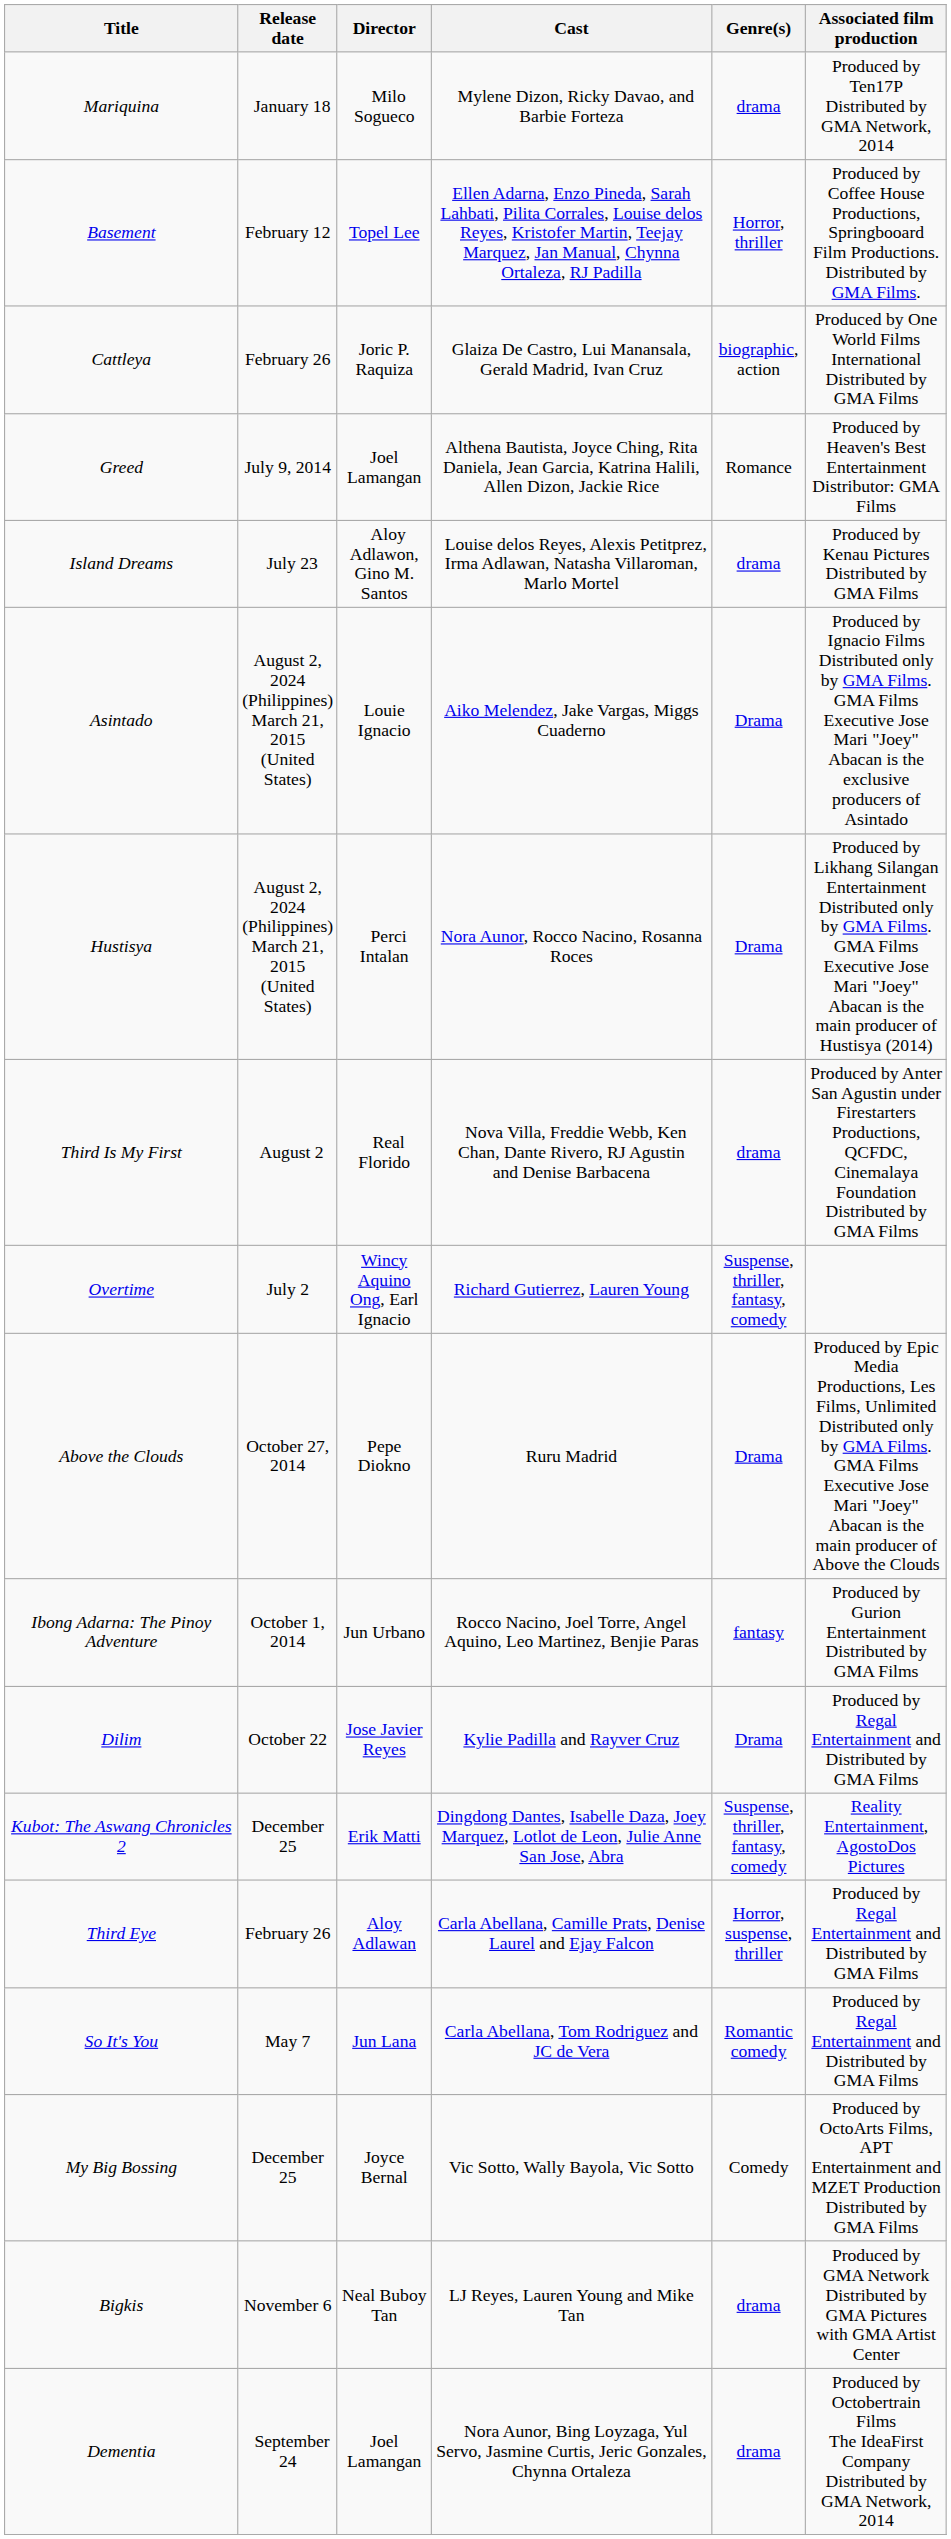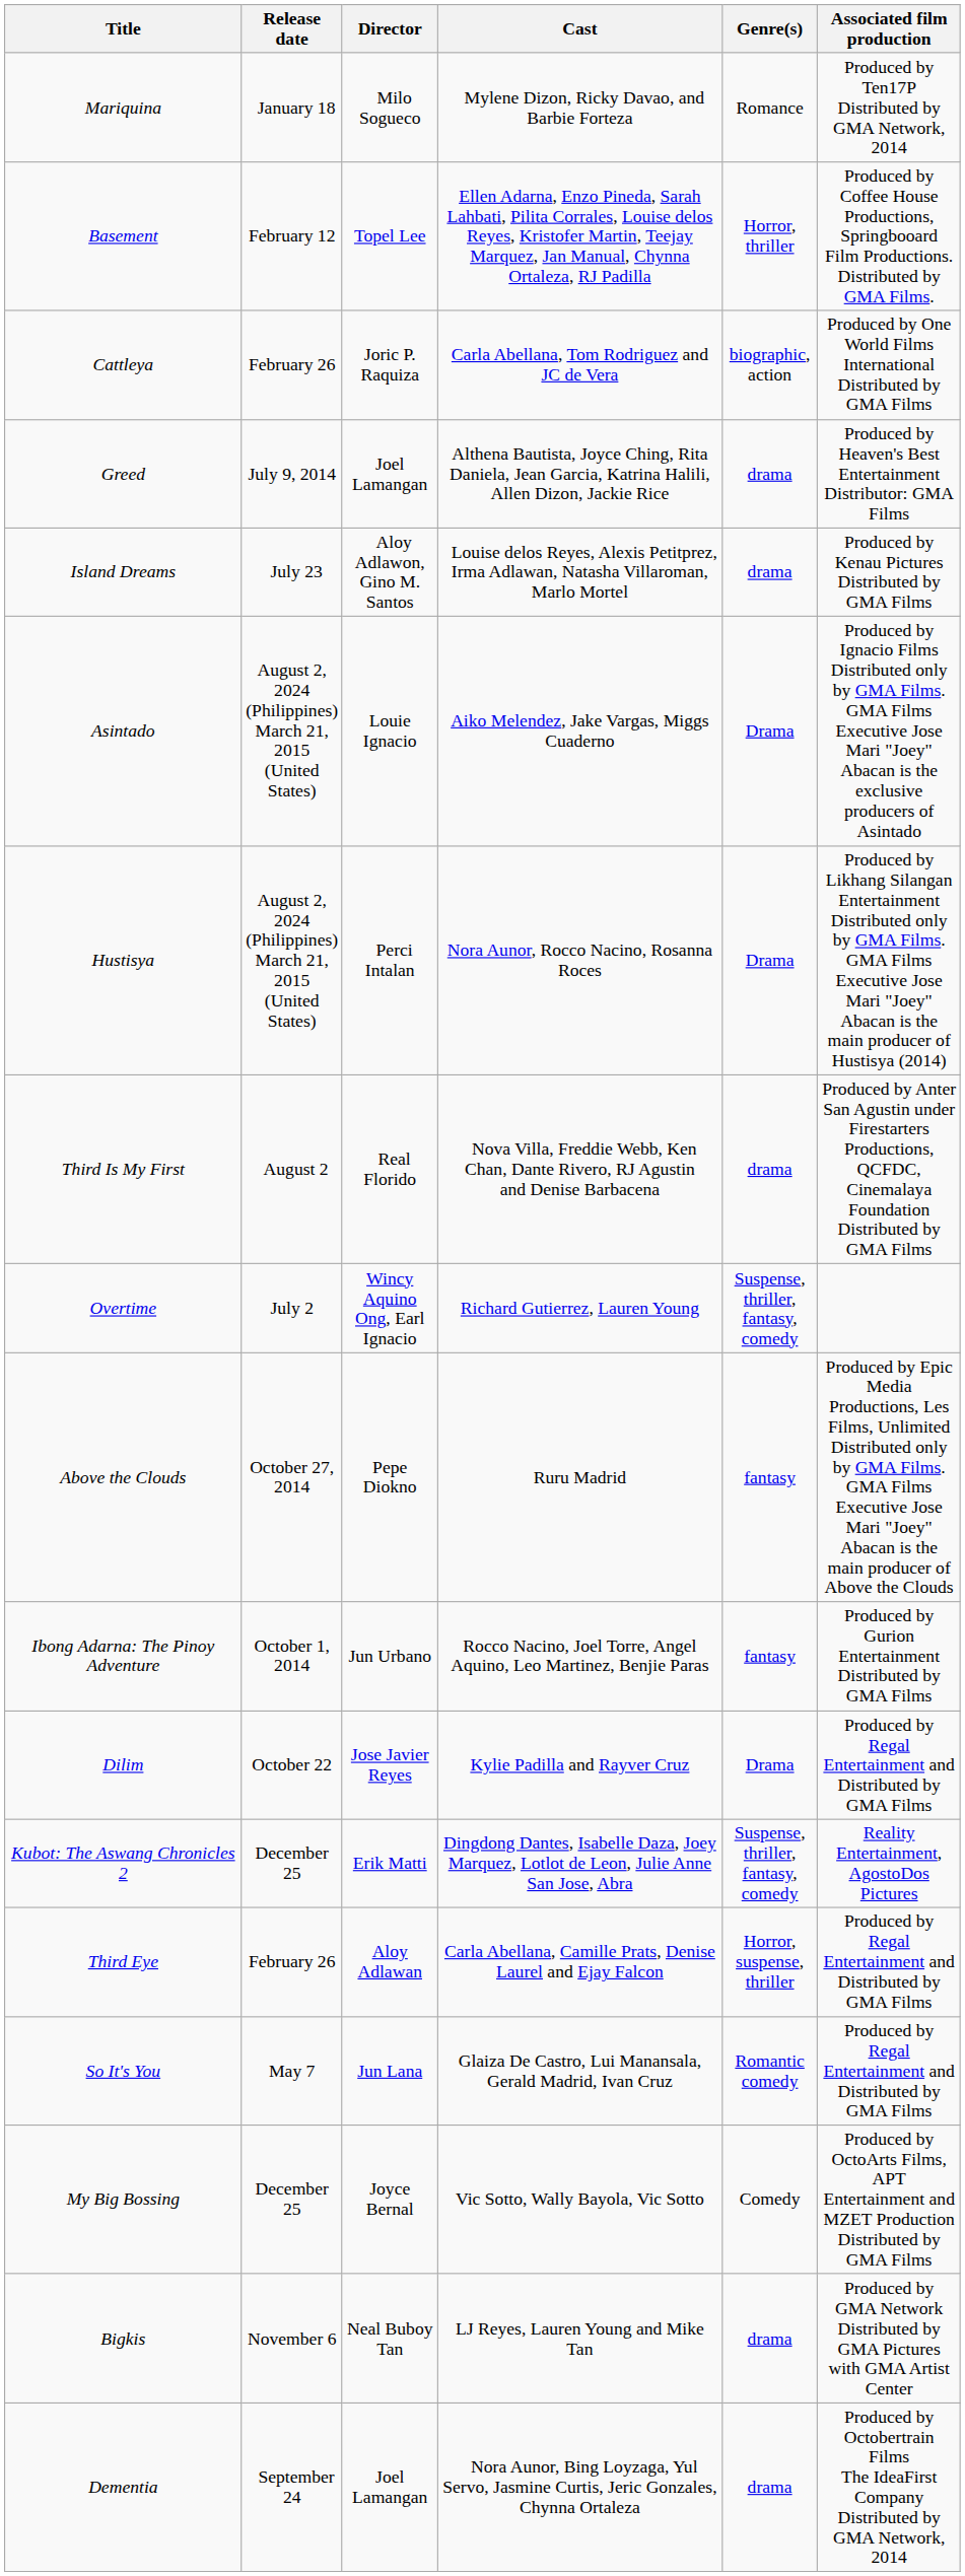 <table class="wikitable" "toccolours sortable" style="width:97%; text-align:center">
 <tr>
 <th style="width:25%;">Title</th>
 <th style="width:10%;">Release date</th>
 <th style="width:10%;">Director</th>
 <th style="width:30%;">Cast</th>
 <th style="width:10%;">Genre(s)</th>
 <th style="width:15%;">Associated film production</th>
 </tr>
 <tr>
 <td><em>Mariquina</em></td>
 <td>  January 18</td>
 <td>  Milo Sogueco</td>
 <td>  Mylene Dizon, Ricky Davao, and Barbie Forteza</td>
-<td><a href='#'>drama</a></td>
+<td>Romance</td>
 <td>Produced by Ten17P<br>Distributed by GMA Network, 2014 </td>
 </tr>
 <tr>
 <td><em><a href='#'>Basement</a></em></td>
 <td>February 12</td>
 <td><a href='#'>Topel Lee</a></td>
 <td><a href='#'>Ellen Adarna</a>, <a href='#'>Enzo Pineda</a>, <a href='#'>Sarah Lahbati</a>, <a href='#'>Pilita Corrales</a>, <a href='#'>Louise delos Reyes</a>, <a href='#'>Kristofer Martin</a>, <a href='#'>Teejay Marquez</a>, <a href='#'>Jan Manual</a>, <a href='#'>Chynna Ortaleza</a>, <a href='#'>RJ Padilla</a></td>
 <td><a href='#'>Horror</a>, <a href='#'>thriller</a></td>
 <td>Produced by Coffee House Productions, Springbooard Film Productions. Distributed by <a href='#'>GMA Films</a>.</td>
 </tr>
 <tr>
 <td><em>Cattleya</em></td>
 <td>February 26</td>
 <td>Joric P. Raquiza</td>
-<td>Glaiza De Castro, Lui Manansala, Gerald Madrid, Ivan Cruz</td>
+<td><a href='#'>Carla Abellana</a>, <a href='#'>Tom Rodriguez</a> and <a href='#'>JC de Vera</a></td>
 <td><a href='#'>biographic</a>, action</td>
 <td>Produced by One World Films International<br>Distributed by GMA Films </td>
 </tr>
 <tr>
 <td><em>Greed</em></td>
 <td>July 9, 2014</td>
 <td>Joel Lamangan</td>
 <td>Althena Bautista, Joyce Ching, Rita Daniela, Jean Garcia, Katrina Halili, Allen Dizon, Jackie Rice</td>
-<td>Romance</td>
+<td><a href='#'>drama</a></td>
 <td>Produced by Heaven's Best Entertainment<br>Distributor: GMA Films </td>
 </tr>
 <tr>
 <td><em>Island Dreams</em></td>
 <td>  July 23</td>
 <td>  Aloy Adlawon, Gino M. Santos</td>
 <td>  Louise delos Reyes, Alexis Petitprez, Irma Adlawan, Natasha Villaroman, Marlo Mortel</td>
 <td><a href='#'>drama</a></td>
 <td>Produced by Kenau Pictures<br>Distributed by GMA Films </td>
 </tr>
 <tr>
 <td><em>Asintado</em></td>
 <td>August 2, 2024 (Philippines)<br>March 21, 2015 (United States)</td>
 <td>Louie Ignacio</td>
 <td><a href='#'>Aiko Melendez</a>, Jake Vargas, Miggs Cuaderno</td>
 <td><a href='#'>Drama</a></td>
 <td>Produced by Ignacio Films<br>Distributed only by <a href='#'>GMA Films</a>. GMA Films Executive Jose Mari "Joey" Abacan is the exclusive producers of Asintado</td>
 </tr>
 <tr>
 <td><em>Hustisya</em></td>
 <td>August 2, 2024 (Philippines)<br>March 21, 2015 (United States)</td>
 <td>  Perci Intalan</td>
 <td><a href='#'>Nora Aunor</a>, Rocco Nacino, Rosanna Roces</td>
 <td><a href='#'>Drama</a></td>
 <td>Produced by Likhang Silangan Entertainment<br>Distributed only by <a href='#'>GMA Films</a>. GMA Films Executive Jose Mari "Joey" Abacan is the main producer of Hustisya (2014) </td>
 </tr>
 <tr>
 <td><em>Third Is My First</em></td>
 <td>  August 2</td>
 <td>  Real Florido</td>
 <td>  Nova Villa, Freddie Webb, Ken Chan, Dante Rivero, RJ Agustin and Denise Barbacena</td>
 <td><a href='#'>drama</a></td>
 <td>Produced by Anter San Agustin under Firestarters Productions, QCFDC, Cinemalaya Foundation<br>Distributed by GMA Films </td>
 </tr>
 <tr>
 <td><em><a href='#'>Overtime</a></em></td>
 <td>July 2</td>
 <td><a href='#'>Wincy Aquino Ong</a>, Earl Ignacio</td>
 <td><a href='#'>Richard Gutierrez</a>, <a href='#'>Lauren Young</a></td>
 <td><a href='#'>Suspense</a>, <a href='#'>thriller</a>, <a href='#'>fantasy</a>, <a href='#'>comedy</a></td>
 <td></td>
 </tr>
 <tr>
 <td><em>Above the Clouds</em></td>
 <td>October 27, 2014</td>
 <td>Pepe Diokno</td>
 <td>Ruru Madrid</td>
-<td><a href='#'>Drama</a></td>
+<td><a href='#'>fantasy</a></td>
 <td>Produced by Epic Media Productions, Les Films, Unlimited<br>Distributed only by <a href='#'>GMA Films</a>.<br>GMA Films Executive Jose Mari "Joey" Abacan is the main producer of Above the Clouds </td>
 </tr>
 <tr>
 <td><em>Ibong Adarna: The Pinoy Adventure</em></td>
 <td>October 1, 2014</td>
 <td>Jun Urbano</td>
 <td>Rocco Nacino, Joel Torre, Angel Aquino, Leo Martinez, Benjie Paras</td>
 <td><a href='#'>fantasy</a></td>
 <td>Produced by Gurion Entertainment<br>Distributed by GMA Films </td>
 </tr>
 <tr>
 <td><em><a href='#'>Dilim</a></em></td>
 <td>October 22</td>
 <td><a href='#'>Jose Javier Reyes</a></td>
 <td><a href='#'>Kylie Padilla</a> and <a href='#'>Rayver Cruz</a></td>
 <td><a href='#'>Drama</a></td>
 <td>Produced by <a href='#'>Regal Entertainment</a> and Distributed by GMA Films</td>
 </tr>
 <tr>
 <td><em> <a href='#'>Kubot: The Aswang Chronicles 2</a></em></td>
 <td>December 25</td>
 <td><a href='#'>Erik Matti</a></td>
 <td><a href='#'>Dingdong Dantes</a>, <a href='#'>Isabelle Daza</a>, <a href='#'>Joey Marquez</a>, <a href='#'>Lotlot de Leon</a>, <a href='#'>Julie Anne San Jose</a>, <a href='#'>Abra</a></td>
 <td><a href='#'>Suspense</a>, <a href='#'>thriller</a>, <a href='#'>fantasy</a>, <a href='#'>comedy</a></td>
 <td><a href='#'>Reality Entertainment</a>, <a href='#'>AgostoDos Pictures</a></td>
 </tr>
 <tr>
 <td><em><a href='#'>Third Eye</a></em></td>
 <td>February 26</td>
 <td><a href='#'>Aloy Adlawan</a></td>
 <td><a href='#'>Carla Abellana</a>, <a href='#'>Camille Prats</a>, <a href='#'>Denise Laurel</a> and <a href='#'>Ejay Falcon</a></td>
 <td><a href='#'>Horror</a>, <a href='#'>suspense</a>, <a href='#'>thriller</a></td>
 <td>Produced by <a href='#'>Regal Entertainment</a> and Distributed by GMA Films</td>
 </tr>
 <tr>
 <td><em><a href='#'>So It's You</a></em></td>
 <td>May 7</td>
 <td><a href='#'>Jun Lana</a></td>
-<td><a href='#'>Carla Abellana</a>, <a href='#'>Tom Rodriguez</a> and <a href='#'>JC de Vera</a></td>
+<td>Glaiza De Castro, Lui Manansala, Gerald Madrid, Ivan Cruz</td>
 <td><a href='#'>Romantic comedy</a></td>
 <td>Produced by <a href='#'>Regal Entertainment</a> and Distributed by GMA Films  </td>
 </tr>
 <tr>
 <td><em>My Big Bossing</em></td>
 <td>December 25</td>
 <td>Joyce Bernal</td>
 <td>Vic Sotto, Wally Bayola, Vic Sotto</td>
 <td>Comedy</td>
 <td>Produced by OctoArts Films, APT Entertainment and MZET Production<br>Distributed by GMA Films</td>
 </tr>
 <tr>
 <td><em>Bigkis</em></td>
 <td>November 6</td>
 <td>Neal Buboy Tan</td>
 <td>LJ Reyes, Lauren Young and Mike Tan</td>
 <td><a href='#'>drama</a></td>
 <td>Produced by GMA Network<br>Distributed by GMA Pictures with GMA Artist Center </td>
 </tr>
 <tr>
 <td><em>Dementia</em></td>
 <td>  September 24</td>
 <td>Joel Lamangan</td>
 <td>  Nora Aunor, Bing Loyzaga, Yul Servo, Jasmine Curtis, Jeric Gonzales, Chynna Ortaleza</td>
 <td><a href='#'>drama</a></td>
 <td>Produced by Octobertrain Films<br>The IdeaFirst Company<br>Distributed by GMA Network, 2014 </td>
 </tr>
 <tr>
 </tr>
 </table>
